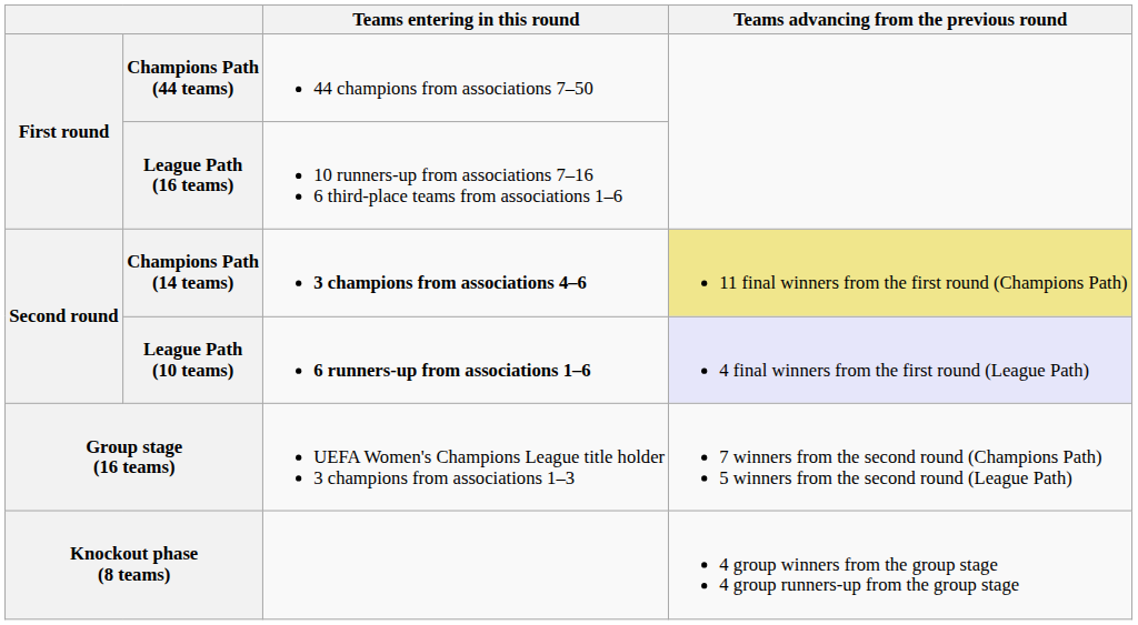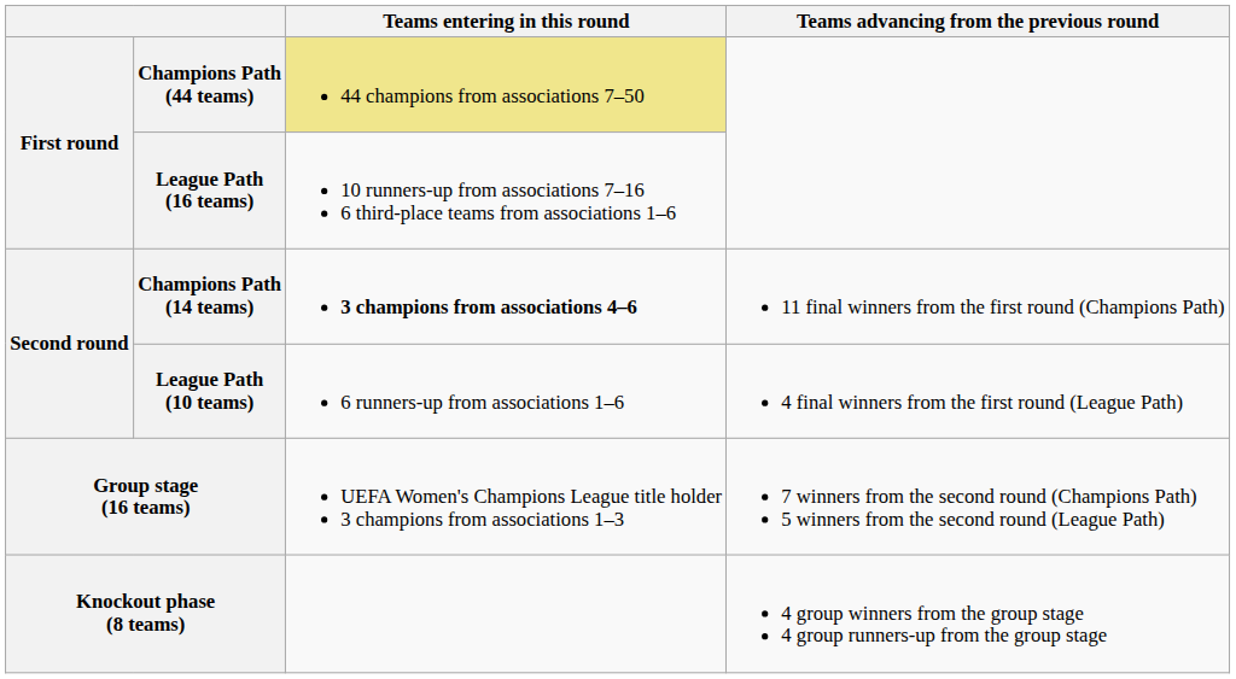 <table class="wikitable">
 <tr>
 <th colspan="2"></th>
 <th>Teams entering in this round</th>
 <th>Teams advancing from the previous round</th>
 </tr>
 <tr>
 <th rowspan="2">First round<br></th>
 <th>Champions Path<br>(44 teams)</th>
-<td><br><ul><li>44 champions from associations 7–50</li></ul></td>
+<td style="background: khaki;"><br><ul><li>44 champions from associations 7–50</li></ul></td>
 <td rowspan=2></td>
 </tr>
 <tr>
 <th>League Path<br>(16 teams)</th>
 <td><br><ul><li>10 runners-up from associations 7–16</li><li>6 third-place teams from associations 1–6</li></ul></td>
 </tr>
 <tr>
 <th rowspan="2">Second round<br></th>
 <th>Champions Path<br>(14 teams)</th>
 <td><strong><br><ul><li>3 champions from associations 4–6</li></ul></strong></td>
-<td style="background: khaki;"><br><ul><li>11 final winners from the first round (Champions Path)</li></ul></td>
+<td><br><ul><li>11 final winners from the first round (Champions Path)</li></ul></td>
 </tr>
 <tr>
 <th>League Path<br>(10 teams)</th>
-<td><strong><br><ul><li>6 runners-up from associations 1–6</li></ul></strong></td>
-<td style="background: lavender;"><br><ul><li>4 final winners from the first round (League Path)</li></ul></td>
+<td><br><ul><li>6 runners-up from associations 1–6</li></ul></td>
+<td><br><ul><li>4 final winners from the first round (League Path)</li></ul></td>
 </tr>
 <tr>
 <th colspan="2">Group stage<br>(16 teams)<br></th>
 <td><br><ul><li>UEFA Women's Champions League title holder</li><li>3 champions from associations 1–3</li></ul></td>
 <td><br><ul><li>7 winners from the second round (Champions Path)</li><li>5 winners from the second round (League Path)</li></ul></td>
 </tr>
 <tr>
 <th colspan="2">Knockout phase<br>(8 teams)<br></th>
 <td></td>
 <td><br><ul><li>4 group winners from the group stage</li><li>4 group runners-up from the group stage</li></ul></td>
 </tr>
 </table>
